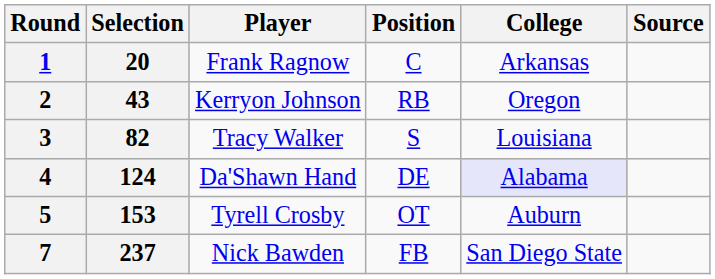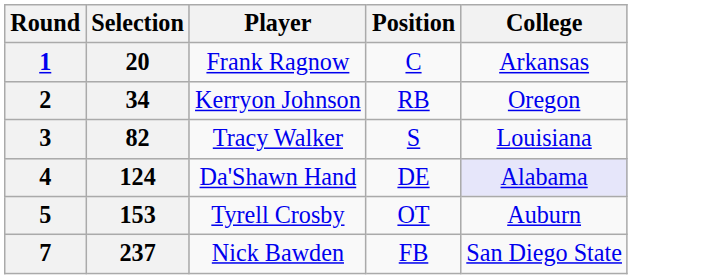 <table class="wikitable" style="text-align:center">
 <tr>
 <th>Round</th>
 <th>Selection</th>
 <th>Player</th>
 <th>Position</th>
 <th>College</th>
-<th>Source</th>
 </tr>
 <tr>
 <th><a href='#'>1</a></th>
 <th>20</th>
 <td><a href='#'>Frank Ragnow</a></td>
 <td><a href='#'>C</a></td>
 <td><a href='#'>Arkansas</a></td>
-<td></td>
 </tr>
 <tr>
 <th>2</th>
-<th>43</th>
+<th>34</th>
 <td><a href='#'>Kerryon Johnson</a></td>
 <td><a href='#'>RB</a></td>
 <td><a href='#'>Oregon</a></td>
-<td></td>
 </tr>
 <tr>
 <th>3</th>
 <th>82</th>
 <td><a href='#'>Tracy Walker</a></td>
 <td><a href='#'>S</a></td>
 <td><a href='#'>Louisiana</a></td>
-<td></td>
 </tr>
 <tr>
 <th>4</th>
 <th>124</th>
 <td><a href='#'>Da'Shawn Hand</a></td>
 <td><a href='#'>DE</a></td>
 <td style="background: lavender;"><a href='#'>Alabama</a></td>
-<td></td>
 </tr>
 <tr>
 <th>5</th>
 <th>153</th>
 <td><a href='#'>Tyrell Crosby</a></td>
 <td><a href='#'>OT</a></td>
 <td><a href='#'>Auburn</a></td>
-<td></td>
 </tr>
 <tr>
 <th>7</th>
 <th>237</th>
 <td><a href='#'>Nick Bawden</a></td>
 <td><a href='#'>FB</a></td>
 <td><a href='#'>San Diego State</a></td>
-<td></td>
 </tr>
 </table>
